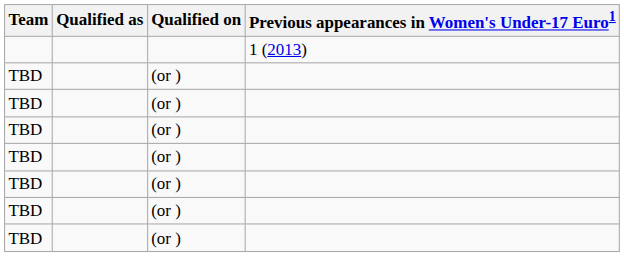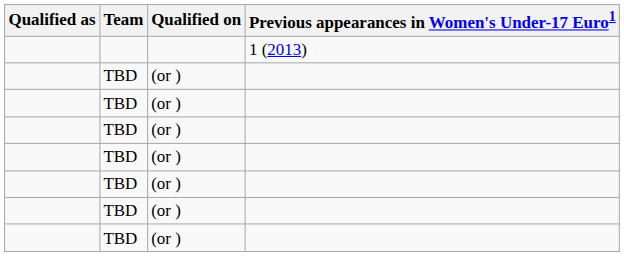 <table class="wikitable sortable">
 <tr>
+<th>Qualified as</th>
 <th>Team</th>
-<th>Qualified as</th>
 <th>Qualified on</th>
 <th data-sort-type="number">Previous appearances in <a href='#'>Women's Under-17 Euro</a><sup><a href='#'>1</a></sup></th>
 </tr>
 <tr>
 <td></td>
 <td></td>
 <td></td>
 <td>1 (<a href='#'>2013</a>)</td>
 </tr>
 <tr>
+<td></td>
 <td>TBD</td>
-<td></td>
 <td> (or )</td>
 <td></td>
 </tr>
 <tr>
+<td></td>
 <td>TBD</td>
-<td></td>
 <td> (or )</td>
 <td></td>
 </tr>
 <tr>
+<td></td>
 <td>TBD</td>
-<td></td>
 <td> (or )</td>
 <td></td>
 </tr>
 <tr>
+<td></td>
 <td>TBD</td>
-<td></td>
 <td> (or )</td>
 <td></td>
 </tr>
 <tr>
+<td></td>
 <td>TBD</td>
-<td></td>
 <td> (or )</td>
 <td></td>
 </tr>
 <tr>
+<td></td>
 <td>TBD</td>
-<td></td>
 <td> (or )</td>
 <td></td>
 </tr>
 <tr>
+<td></td>
 <td>TBD</td>
-<td></td>
 <td> (or )</td>
 <td></td>
 </tr>
 </table>
